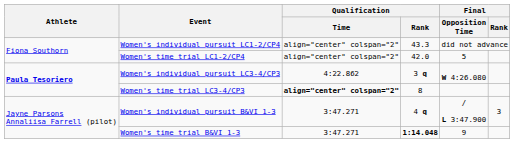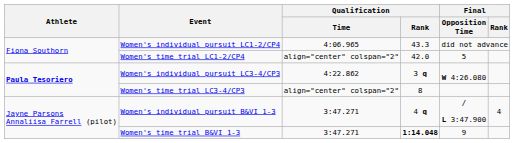 <table class=wikitable style="font-size:90%">
 <tr>
 <th rowspan="2">Athlete</th>
 <th rowspan="2">Event</th>
 <th colspan="2">Qualification</th>
 <th colspan="2">Final</th>
 </tr>
 <tr>
 <th>Time</th>
 <th>Rank</th>
 <th>Opposition<br>Time</th>
 <th>Rank</th>
 </tr>
 <tr>
 <td rowspan="2"><a href='#'>Fiona Southorn</a></td>
 <td><a href='#'>Women's individual pursuit LC1-2/CP4</a></td>
-<td>align="center" colspan="2" </td>
+<td align="center">4:06.965</td>
 <td align="center">43.3</td>
 <td align="center" colspan="2">did not advance</td>
 </tr>
 <tr>
 <td><a href='#'>Women's time trial LC1-2/CP4</a></td>
 <td>align="center" colspan="2" </td>
 <td align="center">42.0</td>
 <td align="center">5</td>
 </tr>
 <tr>
 <td rowspan="2"><strong><a href='#'>Paula Tesoriero</a></strong></td>
 <td><a href='#'>Women's individual pursuit LC3-4/CP3</a></td>
 <td align="center">4:22.862</td>
 <td align="center">3 <strong>q</strong></td>
 <td align="center"><br> <strong>W</strong> 4:26.080</td>
 <td align="center"></td>
 </tr>
 <tr>
 <td><a href='#'>Women's time trial LC3-4/CP3</a></td>
-<td><strong>align="center" colspan="2" </strong></td>
+<td>align="center" colspan="2" </td>
 <td align="center">8</td>
 <td align="center"></td>
 </tr>
 <tr>
 <td rowspan="2"><a href='#'>Jayne Parsons</a><br> <a href='#'>Annaliisa Farrell</a> (pilot)</td>
 <td><a href='#'>Women's individual pursuit B&VI 1-3</a></td>
 <td align="center">3:47.271</td>
 <td align="center">4 <strong>q</strong></td>
 <td align="center"> /<br> <br> <strong>L</strong> 3:47.900</td>
-<td align="center">3</td>
+<td align="center">4</td>
 </tr>
 <tr>
 <td><a href='#'>Women's time trial B&VI 1-3</a></td>
 <td align="center">3:47.271</td>
 <td align="center"><strong>1:14.048</strong></td>
 <td align="center">9</td>
 </tr>
 </table>
